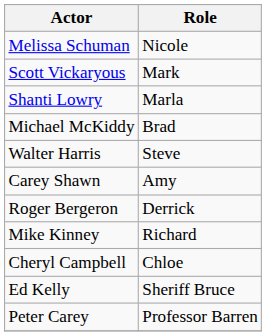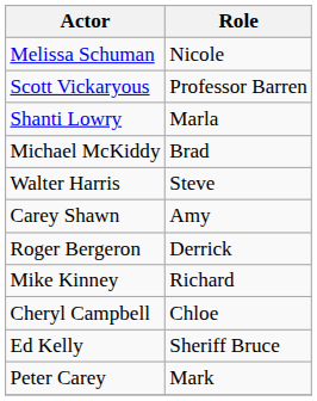 <table class="wikitable">
 <tr bgcolor="#CCCCCC">
 <th>Actor</th>
 <th>Role</th>
 </tr>
 <tr>
 <td><a href='#'>Melissa Schuman</a></td>
 <td>Nicole</td>
 </tr>
 <tr>
 <td><a href='#'>Scott Vickaryous</a></td>
-<td>Mark</td>
+<td>Professor Barren</td>
 </tr>
 <tr>
 <td><a href='#'>Shanti Lowry</a></td>
 <td>Marla</td>
 </tr>
 <tr>
 <td>Michael McKiddy</td>
 <td>Brad</td>
 </tr>
 <tr>
 <td>Walter Harris</td>
 <td>Steve</td>
 </tr>
 <tr>
 <td>Carey Shawn</td>
 <td>Amy</td>
 </tr>
 <tr>
 <td>Roger Bergeron</td>
 <td>Derrick</td>
 </tr>
 <tr>
 <td>Mike Kinney</td>
 <td>Richard</td>
 </tr>
 <tr>
 <td>Cheryl Campbell</td>
 <td>Chloe</td>
 </tr>
 <tr>
 <td>Ed Kelly</td>
 <td>Sheriff Bruce</td>
 </tr>
 <tr>
 <td>Peter Carey</td>
-<td>Professor Barren</td>
+<td>Mark</td>
 </tr>
 <tr>
 </tr>
 </table>
